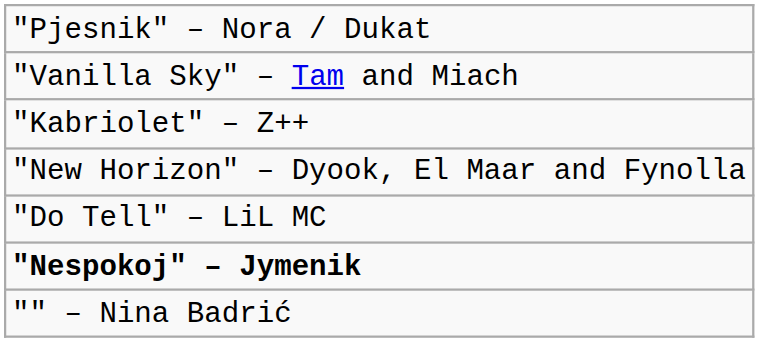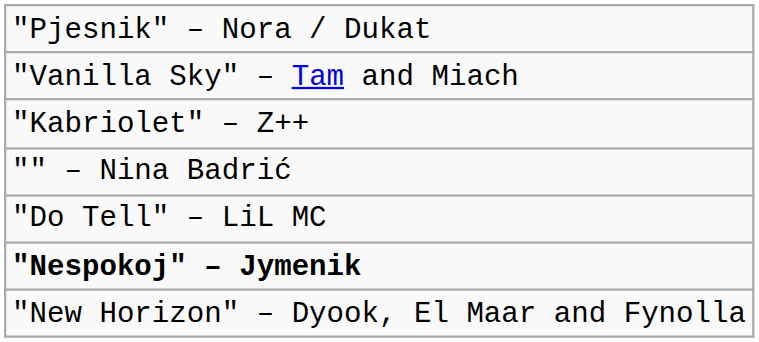 <table class="wikitable mw-collapsible mw-collapsed">
 <tr>
 <td>"Pjesnik" – Nora / Dukat</td>
 </tr>
 <tr>
 <td>"Vanilla Sky" – <a href='#'>Tam</a> and Miach</td>
 </tr>
 <tr>
 <td>"Kabriolet" – Z++</td>
 </tr>
 <tr>
-<td>"New Horizon" – Dyook, El Maar and Fynolla</td>
+<td>"" – Nina Badrić</td>
 </tr>
 <tr>
 <td>"Do Tell" – LiL MC</td>
 </tr>
 <tr>
 <td><strong>"Nespokoj" – Jymenik</strong></td>
 </tr>
 <tr>
-<td>"" – Nina Badrić</td>
+<td>"New Horizon" – Dyook, El Maar and Fynolla</td>
 </tr>
 </table>
